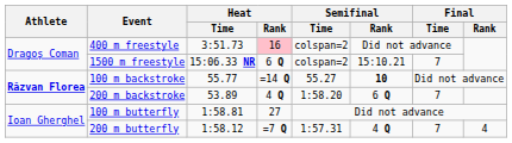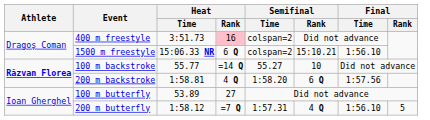 <table class=wikitable style="font-size:90%">
 <tr>
 <th rowspan="2">Athlete</th>
 <th rowspan="2">Event</th>
 <th colspan="2">Heat</th>
 <th colspan="2">Semifinal</th>
 <th colspan="2">Final</th>
 </tr>
 <tr style="font-size:95%">
 <th>Time</th>
 <th>Rank</th>
 <th>Time</th>
 <th>Rank</th>
 <th>Time</th>
 <th>Rank</th>
 </tr>
 <tr align=center>
 <td align=left rowspan=2><a href='#'>Dragoș Coman</a></td>
 <td align=left><a href='#'>400 m freestyle</a></td>
 <td>3:51.73</td>
 <td style="background: pink;">16</td>
 <td>colspan=2 </td>
 <td colspan=2>Did not advance</td>
 </tr>
 <tr align=center>
 <td align=left><a href='#'>1500 m freestyle</a></td>
 <td>15:06.33 <strong><a href='#'>NR</a></strong></td>
 <td>6 <strong>Q</strong></td>
 <td>colspan=2 </td>
 <td>15:10.21</td>
-<td>7</td>
+<td>1:56.10</td>
 </tr>
 <tr align=center>
 <td align=left rowspan=2><strong><a href='#'>Răzvan Florea</a></strong></td>
 <td align=left><a href='#'>100 m backstroke</a></td>
 <td>55.77</td>
 <td>=14 <strong>Q</strong></td>
 <td>55.27</td>
-<td><strong>10</strong></td>
+<td>10</td>
 <td colspan=2>Did not advance</td>
 </tr>
 <tr align=center>
 <td align=left><a href='#'>200 m backstroke</a></td>
-<td>53.89</td>
+<td>1:58.81</td>
 <td>4 <strong>Q</strong></td>
 <td>1:58.20</td>
 <td>6 <strong>Q</strong></td>
-<td>7</td>
+<td>1:57.56</td>
 <td></td>
 </tr>
 <tr align=center>
 <td align=left rowspan=2><a href='#'>Ioan Gherghel</a></td>
 <td align=left><a href='#'>100 m butterfly</a></td>
-<td>1:58.81</td>
+<td>53.89</td>
 <td>27</td>
 <td colspan=4>Did not advance</td>
 </tr>
 <tr align=center>
 <td align=left><a href='#'>200 m butterfly</a></td>
 <td>1:58.12</td>
 <td>=7 <strong>Q</strong></td>
 <td>1:57.31</td>
 <td>4 <strong>Q</strong></td>
-<td>7</td>
-<td>4</td>
+<td>1:56.10</td>
+<td>5</td>
 </tr>
 </table>
